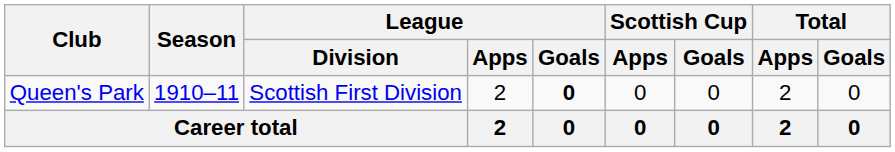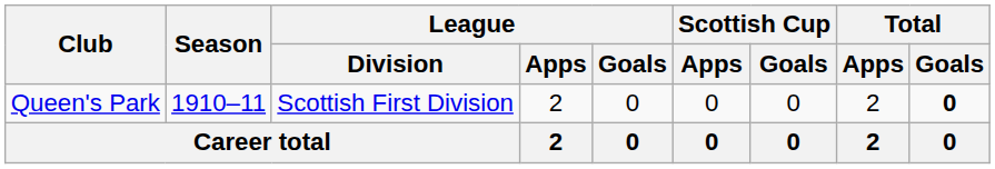 <table class="wikitable" style="text-align: center;">
 <tr>
 <th rowspan="2">Club</th>
 <th rowspan="2">Season</th>
 <th colspan="3">League</th>
 <th colspan="2">Scottish Cup</th>
 <th colspan="2">Total</th>
 </tr>
 <tr>
 <th>Division</th>
 <th>Apps</th>
 <th>Goals</th>
 <th>Apps</th>
 <th>Goals</th>
 <th>Apps</th>
 <th>Goals</th>
 </tr>
 <tr>
 <td><a href='#'>Queen's Park</a></td>
 <td><a href='#'>1910–11</a></td>
 <td><a href='#'>Scottish First Division</a></td>
 <td>2</td>
-<td><strong>0</strong></td>
+<td>0</td>
 <td>0</td>
 <td>0</td>
 <td>2</td>
-<td>0</td>
+<td><strong>0</strong></td>
 </tr>
 <tr>
 <th colspan="3">Career total</th>
 <th>2</th>
 <th>0</th>
 <th>0</th>
 <th>0</th>
 <th>2</th>
 <th>0</th>
 </tr>
 </table>
